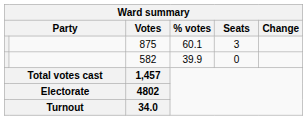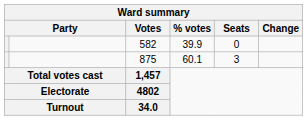 <table class="wikitable" style="font-size: 95%;">
 <tr style="background-color:#E9E9E9">
 <th colspan="6">Ward summary</th>
 </tr>
 <tr style="background-color:#E9E9E9">
 <th colspan="2">Party</th>
 <th style="width: 60px">Votes</th>
 <th style="width: 60px">% votes</th>
 <th style="width: 60px">Seats</th>
 <th style="width: 60px">Change</th>
 </tr>
 <tr>
 <th style="background-color: "></th>
 <td style="width: 170px"><a href='#'></a></td>
-<td align="center">875</td>
-<td align="center">60.1</td>
-<td align="center">3</td>
+<td align="center">582</td>
+<td align="center">39.9</td>
+<td align="center">0</td>
 <td align="center"></td>
 </tr>
 <tr>
 <th style="background-color: "></th>
 <td style="width: 170px"><a href='#'></a></td>
-<td align="center">582</td>
-<td align="center">39.9</td>
-<td align="center">0</td>
+<td align="center">875</td>
+<td align="center">60.1</td>
+<td align="center">3</td>
 <td align="center"></td>
 </tr>
 <tr style="background-color:#E9E9E9">
 <th colspan="2">Total votes cast</th>
 <th style="width: 60px">1,457</th>
 </tr>
 <tr style="background-color:#E9E9E9">
 <th colspan="2">Electorate</th>
 <th style="width: 60px">4802</th>
 </tr>
 <tr style="background-color:#E9E9E9">
 <th colspan="2">Turnout</th>
 <th style="width: 60px">34.0</th>
 </tr>
 </table>
